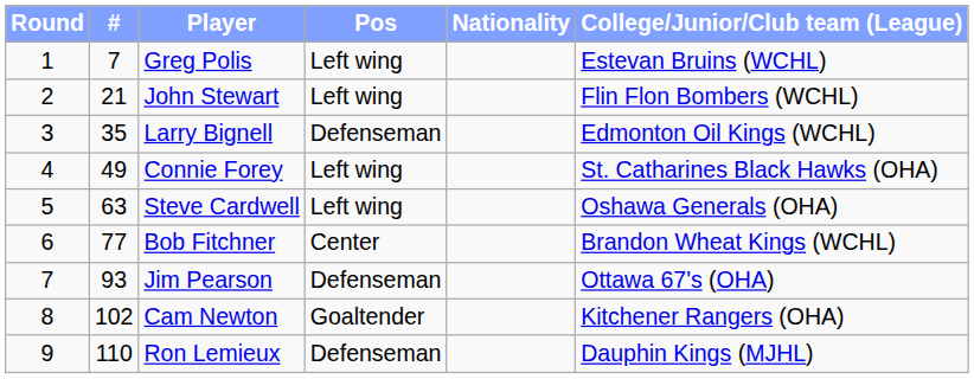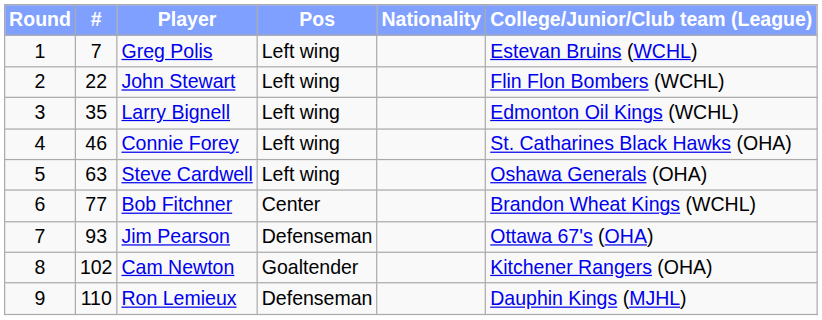 <table class="wikitable">
 <tr>
 <th style="color:white; background:#80A0FF; ">Round</th>
 <th style="color:white; background:#80A0FF; ">#</th>
 <th style="color:white; background:#80A0FF; ">Player</th>
 <th style="color:white; background:#80A0FF; ">Pos</th>
 <th style="color:white; background:#80A0FF; ">Nationality</th>
 <th style="color:white; background:#80A0FF; ">College/Junior/Club team (League)</th>
 </tr>
 <tr>
 <td style="text-align:center">1</td>
 <td style="text-align:center">7</td>
 <td><a href='#'>Greg Polis</a></td>
 <td>Left wing</td>
 <td></td>
 <td><a href='#'>Estevan Bruins</a> (<a href='#'>WCHL</a>)</td>
 </tr>
 <tr>
 <td style="text-align:center">2</td>
-<td style="text-align:center">21</td>
+<td style="text-align:center">22</td>
 <td><a href='#'>John Stewart</a></td>
 <td>Left wing</td>
 <td></td>
 <td><a href='#'>Flin Flon Bombers</a> (WCHL)</td>
 </tr>
 <tr>
 <td style="text-align:center">3</td>
 <td style="text-align:center">35</td>
 <td><a href='#'>Larry Bignell</a></td>
-<td>Defenseman</td>
+<td>Left wing</td>
 <td></td>
 <td><a href='#'>Edmonton Oil Kings</a> (WCHL)</td>
 </tr>
 <tr>
 <td style="text-align:center">4</td>
-<td style="text-align:center">49</td>
+<td style="text-align:center">46</td>
 <td><a href='#'>Connie Forey</a></td>
 <td>Left wing</td>
 <td></td>
 <td><a href='#'>St. Catharines Black Hawks</a> (OHA)</td>
 </tr>
 <tr>
 <td style="text-align:center">5</td>
 <td style="text-align:center">63</td>
 <td><a href='#'>Steve Cardwell</a></td>
 <td>Left wing</td>
 <td></td>
 <td><a href='#'>Oshawa Generals</a> (OHA)</td>
 </tr>
 <tr>
 <td style="text-align:center">6</td>
 <td style="text-align:center">77</td>
 <td><a href='#'>Bob Fitchner</a></td>
 <td>Center</td>
 <td></td>
 <td><a href='#'>Brandon Wheat Kings</a> (WCHL)</td>
 </tr>
 <tr>
 <td style="text-align:center">7</td>
 <td style="text-align:center">93</td>
 <td><a href='#'>Jim Pearson</a></td>
 <td>Defenseman</td>
 <td></td>
 <td><a href='#'>Ottawa 67's</a> (<a href='#'>OHA</a>)</td>
 </tr>
 <tr>
 <td style="text-align:center">8</td>
 <td style="text-align:center">102</td>
 <td><a href='#'>Cam Newton</a></td>
 <td>Goaltender</td>
 <td></td>
 <td><a href='#'>Kitchener Rangers</a> (OHA)</td>
 </tr>
 <tr>
 <td style="text-align:center">9</td>
 <td style="text-align:center">110</td>
 <td><a href='#'>Ron Lemieux</a></td>
 <td>Defenseman</td>
 <td></td>
 <td><a href='#'>Dauphin Kings</a> (<a href='#'>MJHL</a>)</td>
 </tr>
 </table>
